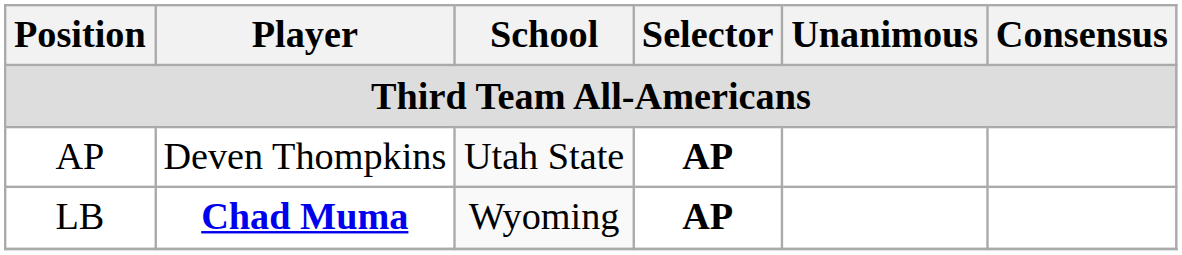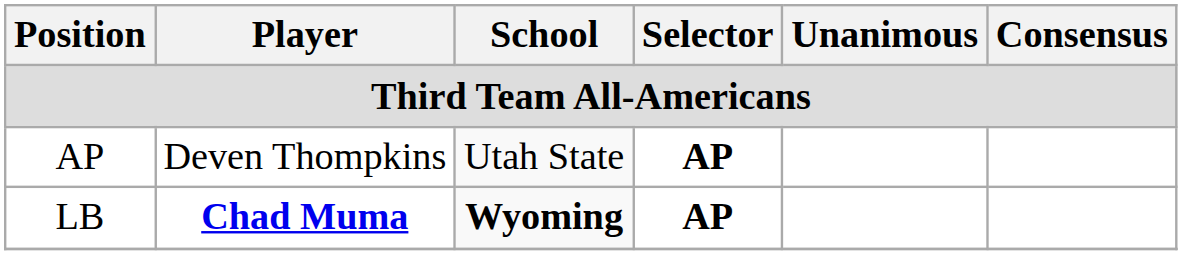 <table class="wikitable" border="0">
 <tr>
 <th>Position</th>
 <th>Player</th>
 <th>School</th>
 <th>Selector</th>
 <th>Unanimous</th>
 <th>Consensus</th>
 </tr>
 <tr>
 <td colspan="6" style="text-align:center; background:#ddd;"><strong>Third Team All-Americans</strong></td>
 </tr>
 <tr style="text-align:center;">
 <td style="background:white">AP</td>
 <td style="background:white">Deven Thompkins</td>
 <td style=>Utah State</td>
 <td style="background:white"><strong>AP</strong></td>
 <td style="background:white"></td>
 <td style="background:white"></td>
 </tr>
 <tr style="text-align:center;">
 <td style="background:white">LB</td>
 <td style="background:white"><strong><a href='#'>Chad Muma</a></strong></td>
-<td style=>Wyoming</td>
+<td style=><strong>Wyoming</strong></td>
 <td style="background:white"><strong>AP</strong></td>
 <td style="background:white"></td>
 <td style="background:white"></td>
 </tr>
 <tr>
 </tr>
 </table>
